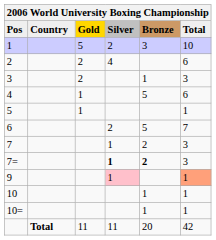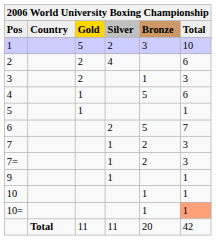 <table class="wikitable">
 <tr bgcolor="#efefef">
 <th colspan=7 style="border-right:0px;";><strong>2006 World University Boxing Championship</strong></th>
 </tr>
 <tr bgcolor="#efefef">
 <td><strong>Pos</strong></td>
 <td><strong>Country</strong></td>
 <td bgcolor="gold"><strong>Gold</strong></td>
 <td bgcolor="silver"><strong>Silver</strong></td>
 <td bgcolor="CC9966"><strong>Bronze</strong></td>
 <td><strong>Total</strong></td>
 </tr>
 <tr style="background:#ccccff">
 <td>1</td>
 <td></td>
 <td>5</td>
 <td>2</td>
 <td>3</td>
 <td>10</td>
 </tr>
 <tr>
 <td>2</td>
 <td></td>
 <td>2</td>
 <td>4</td>
 <td></td>
 <td>6</td>
 </tr>
 <tr>
 <td>3</td>
 <td></td>
 <td>2</td>
 <td></td>
 <td>1</td>
 <td>3</td>
 </tr>
 <tr>
 <td>4</td>
 <td></td>
 <td>1</td>
 <td></td>
 <td>5</td>
 <td>6</td>
 </tr>
 <tr>
 <td>5</td>
 <td></td>
 <td>1</td>
 <td></td>
 <td></td>
 <td>1</td>
 </tr>
 <tr>
 <td>6</td>
 <td></td>
 <td></td>
 <td>2</td>
 <td>5</td>
 <td>7</td>
 </tr>
 <tr>
 <td>7</td>
 <td></td>
 <td></td>
 <td>1</td>
 <td>2</td>
 <td>3</td>
 </tr>
 <tr>
 <td>7=</td>
 <td></td>
 <td></td>
-<td><strong>1</strong></td>
-<td><strong>2</strong></td>
+<td>1</td>
+<td>2</td>
 <td>3</td>
 </tr>
 <tr>
 <td>9</td>
 <td></td>
 <td></td>
-<td style="background: pink;">1</td>
+<td>1</td>
 <td></td>
-<td style="background: lightsalmon;">1</td>
+<td>1</td>
 </tr>
 <tr>
 <td>10</td>
 <td></td>
 <td></td>
 <td></td>
 <td>1</td>
 <td>1</td>
 </tr>
 <tr>
 <td>10=</td>
 <td></td>
 <td></td>
 <td></td>
 <td>1</td>
-<td>1</td>
+<td style="background: lightsalmon;">1</td>
 </tr>
 <tr>
 <td></td>
 <td><strong>Total</strong></td>
 <td>11</td>
 <td>11</td>
 <td>20</td>
 <td>42</td>
 </tr>
 </table>
